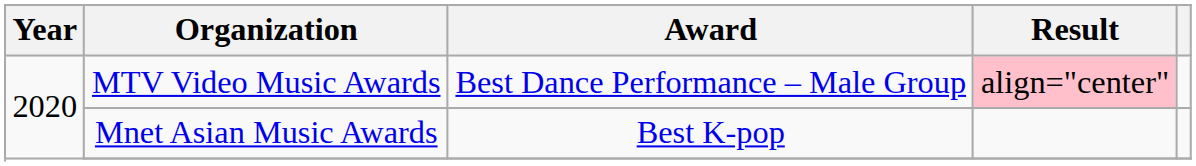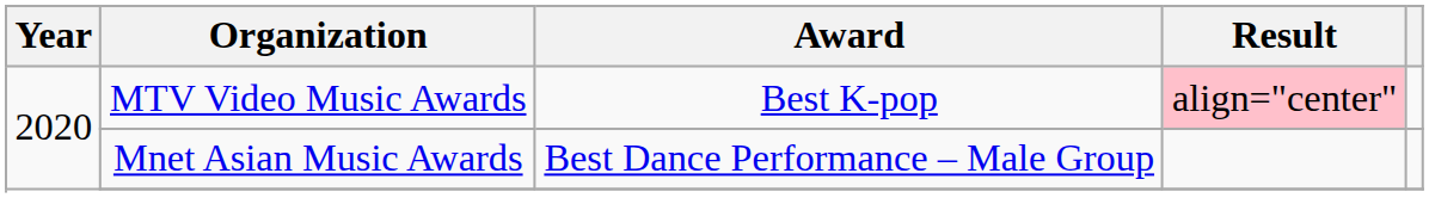 <table class="wikitable sortable plainrowheaders">
 <tr>
 <th scope="col">Year</th>
 <th scope="col">Organization</th>
 <th scope="col">Award</th>
 <th scope="col">Result</th>
 <th class="unsortable"></th>
 </tr>
 <tr>
 <td rowspan="3" align="center">2020</td>
 <td align="center"><a href='#'>MTV Video Music Awards</a></td>
-<td align="center"><a href='#'>Best Dance Performance – Male Group</a></td>
+<td align="center"><a href='#'>Best K-pop</a></td>
 <td style="background: pink;">align="center" </td>
 <td align="center"></td>
 </tr>
 <tr>
 <td align="center"><a href='#'>Mnet Asian Music Awards</a></td>
-<td align="center"><a href='#'>Best K-pop</a></td>
+<td align="center"><a href='#'>Best Dance Performance – Male Group</a></td>
 <td></td>
 <td align="center"></td>
 </tr>
 <tr>
 </tr>
 </table>
